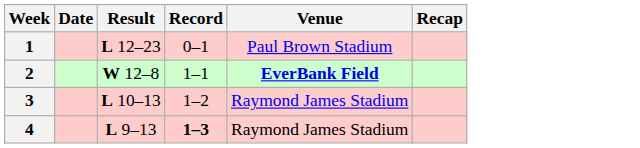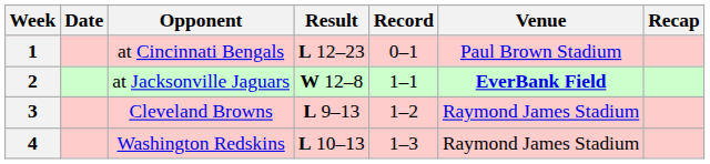 <table class="wikitable" style="text-align:center">
 <tr>
 <th>Week</th>
 <th>Date</th>
+<th>Opponent</th>
 <th>Result</th>
 <th>Record</th>
 <th>Venue</th>
 <th>Recap</th>
 </tr>
 <tr style="background:#fcc">
 <th>1</th>
 <td></td>
+<td>at <a href='#'>Cincinnati Bengals</a></td>
 <td><strong>L</strong> 12–23</td>
 <td>0–1</td>
 <td><a href='#'>Paul Brown Stadium</a></td>
 <td></td>
 </tr>
 <tr style="background:#cfc">
 <th>2</th>
 <td></td>
+<td>at <a href='#'>Jacksonville Jaguars</a></td>
 <td><strong>W</strong> 12–8</td>
 <td>1–1</td>
 <td><strong><a href='#'>EverBank Field</a></strong></td>
 <td></td>
 </tr>
 <tr style="background:#fcc">
 <th>3</th>
 <td></td>
-<td><strong>L</strong> 10–13</td>
+<td><a href='#'>Cleveland Browns</a></td>
+<td><strong>L</strong> 9–13</td>
 <td>1–2</td>
 <td><a href='#'>Raymond James Stadium</a></td>
 <td></td>
 </tr>
 <tr style="background:#fcc">
 <th>4</th>
 <td></td>
-<td><strong>L</strong> 9–13</td>
-<td><strong>1–3</strong></td>
+<td><a href='#'>Washington Redskins</a></td>
+<td><strong>L</strong> 10–13</td>
+<td>1–3</td>
 <td>Raymond James Stadium</td>
 <td></td>
 </tr>
 </table>
